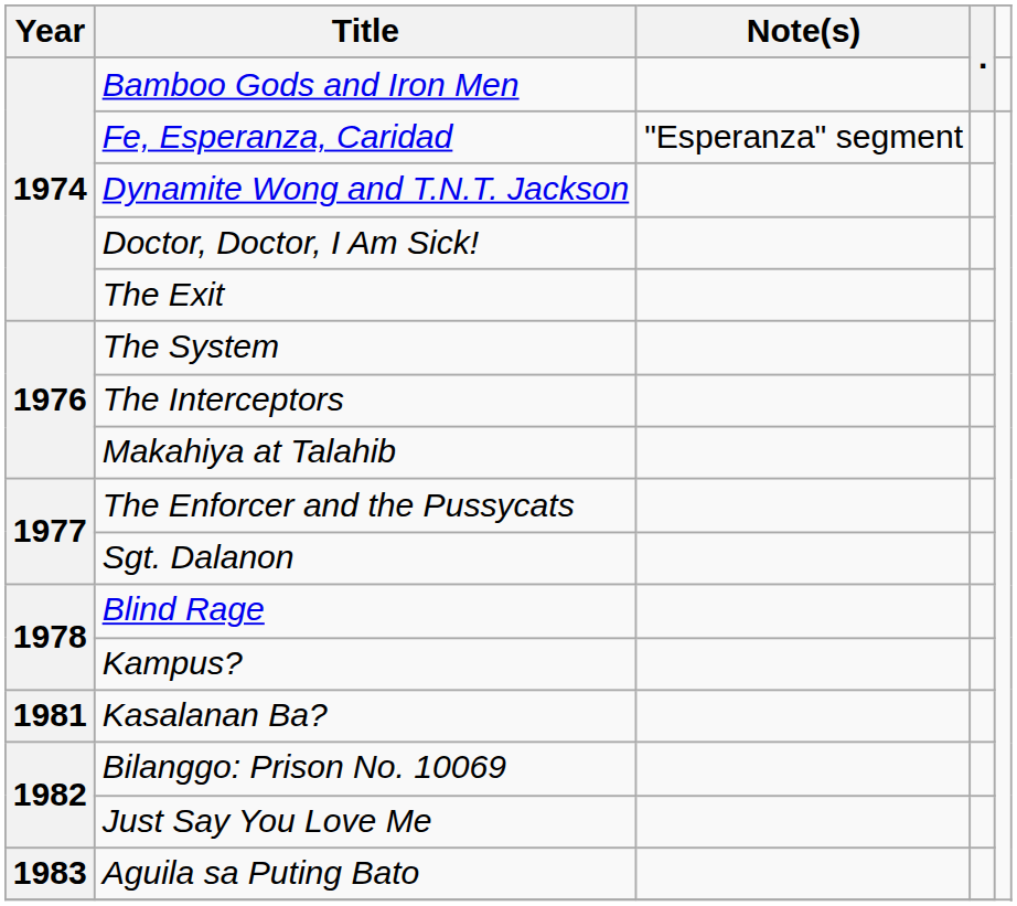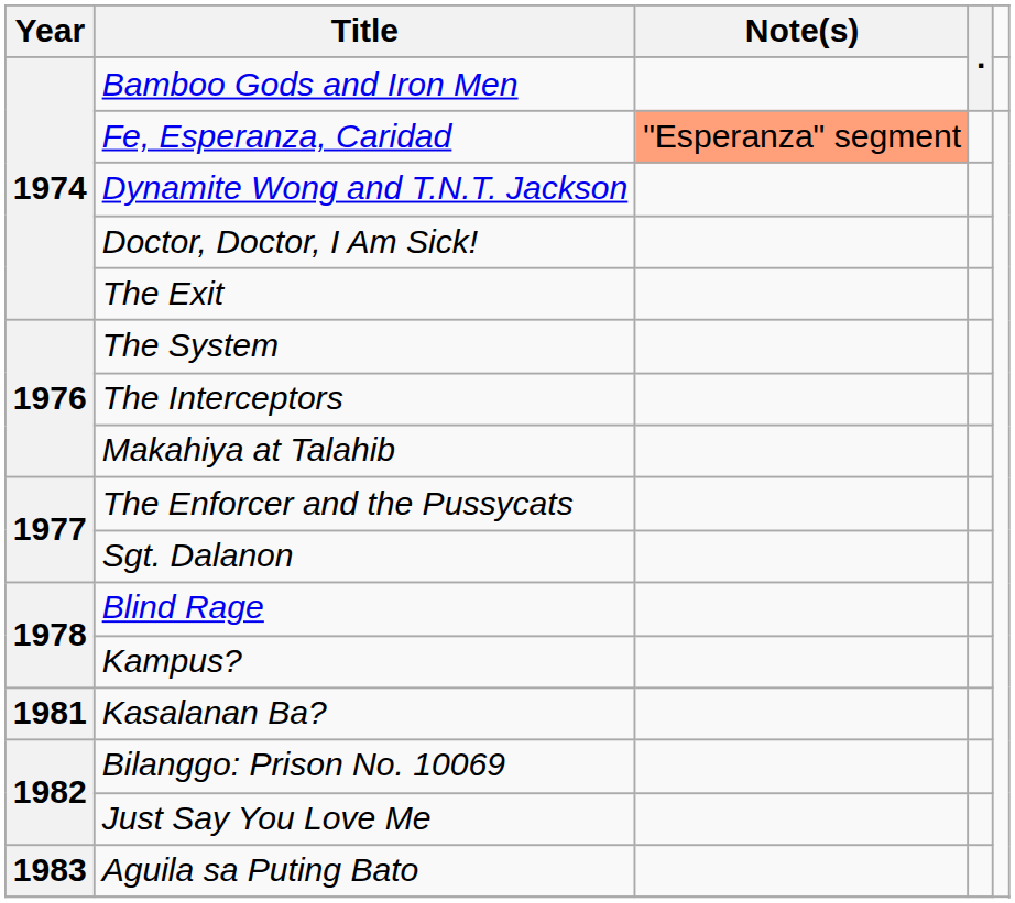 <table class="wikitable plainrowheaders sortable">
 <tr>
 <th scope="col">Year</th>
 <th scope="col">Title</th>
 <th scope="col" class="unsortable">Note(s)</th>
 <th rowspan="2" scope="col" class="unsortable">.</th>
 </tr>
 <tr>
 <th rowspan="5" scope="row">1974</th>
 <td><em><a href='#'>Bamboo Gods and Iron Men</a></em></td>
 <td></td>
 <td style="text-align:center;"></td>
 </tr>
 <tr>
 <td><em><a href='#'>Fe, Esperanza, Caridad</a></em></td>
-<td>"Esperanza" segment</td>
+<td style="background: lightsalmon;">"Esperanza" segment</td>
 <td style="text-align:center;"></td>
 </tr>
 <tr>
 <td><em><a href='#'>Dynamite Wong and T.N.T. Jackson</a></em></td>
 <td></td>
 <td style="text-align:center;"></td>
 </tr>
 <tr>
 <td><em>Doctor, Doctor, I Am Sick!</em></td>
 <td></td>
 <td style="text-align:center;"></td>
 </tr>
 <tr>
 <td><em>The Exit</em></td>
 <td></td>
 <td style="text-align:center;"></td>
 </tr>
 <tr>
 <th rowspan="3" scope="row">1976</th>
 <td><em>The System</em></td>
 <td></td>
 <td style="text-align:center;"></td>
 </tr>
 <tr>
 <td><em>The Interceptors</em></td>
 <td></td>
 <td style="text-align:center;"></td>
 </tr>
 <tr>
 <td><em>Makahiya at Talahib</em></td>
 <td></td>
 <td style="text-align:center;"></td>
 </tr>
 <tr>
 <th rowspan="2" scope="row">1977</th>
 <td><em>The Enforcer and the Pussycats</em></td>
 <td></td>
 <td style="text-align:center;"></td>
 </tr>
 <tr>
 <td><em>Sgt. Dalanon</em></td>
 <td></td>
 <td style="text-align:center;"></td>
 </tr>
 <tr>
 <th rowspan="2" scope="row">1978</th>
 <td><em><a href='#'>Blind Rage</a></em></td>
 <td></td>
 <td style="text-align:center;"></td>
 </tr>
 <tr>
 <td><em>Kampus?</em></td>
 <td></td>
 <td style="text-align:center;"></td>
 </tr>
 <tr>
 <th scope="row">1981</th>
 <td><em>Kasalanan Ba?</em></td>
 <td></td>
 <td style="text-align:center;"></td>
 </tr>
 <tr>
 <th rowspan="2" scope="row">1982</th>
 <td><em>Bilanggo: Prison No. 10069</em></td>
 <td></td>
 <td style="text-align:center;"></td>
 </tr>
 <tr>
 <td><em>Just Say You Love Me</em></td>
 <td></td>
 <td style="text-align:center;"></td>
 </tr>
 <tr>
 <th scope="row">1983</th>
 <td><em>Aguila sa Puting Bato</em></td>
 <td></td>
 <td style="text-align:center;"></td>
 </tr>
 <tr>
 </tr>
 </table>
